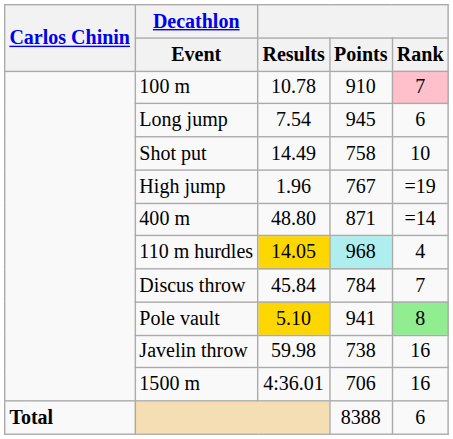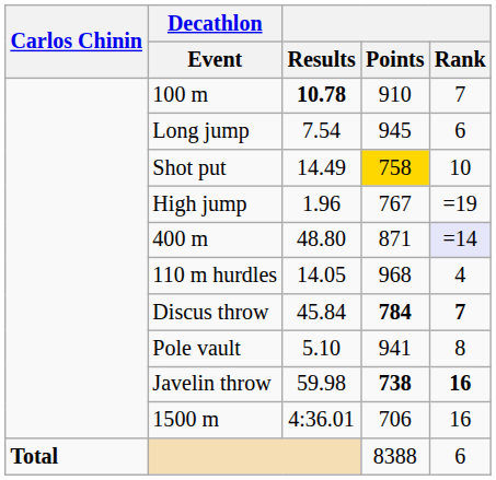 <table class=wikitable style="font-size:90%;">
 <tr>
 <th rowspan="2"><strong><a href='#'>Carlos Chinin</a></strong></th>
 <th><a href='#'>Decathlon</a></th>
 <th colspan="3"></th>
 </tr>
 <tr>
 <th>Event</th>
 <th>Results</th>
 <th>Points</th>
 <th>Rank</th>
 </tr>
 <tr style="border-top: single;">
 <td rowspan="10"></td>
 <td>100 m</td>
-<td align=center>10.78</td>
+<td align=center><strong>10.78</strong></td>
 <td align=center>910</td>
-<td align=center style="background: pink;">7</td>
+<td align=center>7</td>
 </tr>
 <tr>
 <td>Long jump</td>
 <td align=center>7.54</td>
 <td align=center>945</td>
 <td align=center>6</td>
 </tr>
 <tr>
 <td>Shot put</td>
 <td align=center>14.49</td>
-<td align=center>758</td>
+<td align=center style="background: gold;">758</td>
 <td align=center>10</td>
 </tr>
 <tr>
 <td>High jump</td>
 <td align=center>1.96</td>
 <td align=center>767</td>
 <td align=center>=19</td>
 </tr>
 <tr>
 <td>400 m</td>
 <td align=center>48.80</td>
 <td align=center>871</td>
-<td align=center>=14</td>
+<td align=center style="background: lavender;">=14</td>
 </tr>
 <tr>
 <td>110 m hurdles</td>
-<td align=center style="background: gold;">14.05</td>
-<td align=center style="background: paleturquoise;">968</td>
+<td align=center>14.05</td>
+<td align=center>968</td>
 <td align=center>4</td>
 </tr>
 <tr>
 <td>Discus throw</td>
 <td align=center>45.84</td>
-<td align=center>784</td>
-<td align=center>7</td>
+<td align=center><strong>784</strong></td>
+<td align=center><strong>7</strong></td>
 </tr>
 <tr>
 <td>Pole vault</td>
-<td align=center style="background: gold;">5.10</td>
+<td align=center>5.10</td>
 <td align=center>941</td>
-<td align=center style="background: lightgreen;">8</td>
+<td align=center>8</td>
 </tr>
 <tr>
 <td>Javelin throw</td>
 <td align=center>59.98</td>
-<td align=center>738</td>
-<td align=center>16</td>
+<td align=center><strong>738</strong></td>
+<td align=center><strong>16</strong></td>
 </tr>
 <tr>
 <td>1500 m</td>
 <td align=center>4:36.01</td>
 <td align=center>706</td>
 <td align=center>16</td>
 </tr>
 <tr style="border-top: single;">
 <td><strong>Total</strong></td>
 <td colspan="2" style="background:wheat;"></td>
 <td align=center>8388</td>
 <td align=center>6</td>
 </tr>
 </table>
